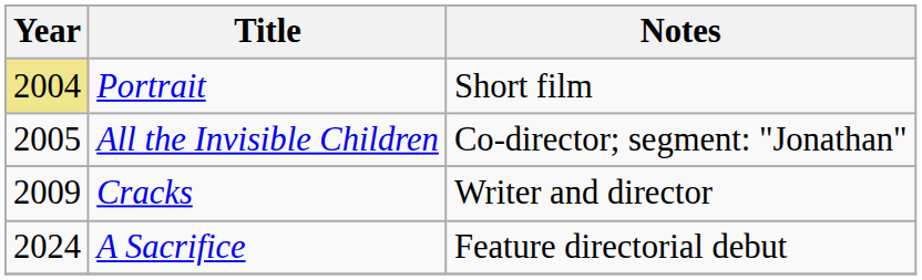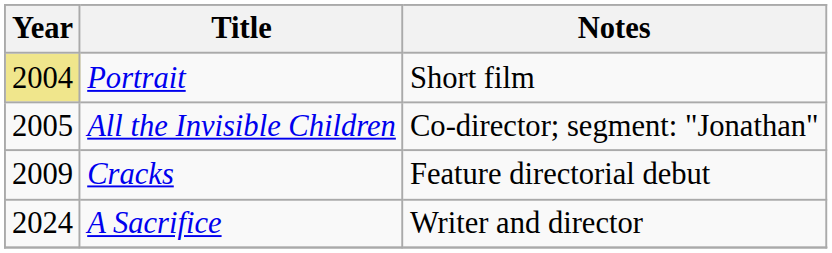 <table class="wikitable">
 <tr>
 <th>Year</th>
 <th>Title</th>
 <th>Notes</th>
 </tr>
 <tr>
 <td style="background: khaki;">2004</td>
 <td><em><a href='#'>Portrait</a></em></td>
 <td>Short film</td>
 </tr>
 <tr>
 <td>2005</td>
 <td><em><a href='#'>All the Invisible Children</a></em></td>
 <td>Co-director; segment: "Jonathan"</td>
 </tr>
 <tr>
 <td>2009</td>
 <td><em><a href='#'>Cracks</a></em></td>
-<td>Writer and director</td>
+<td>Feature directorial debut</td>
 </tr>
 <tr>
 <td>2024</td>
 <td><em><a href='#'>A Sacrifice</a></em></td>
-<td>Feature directorial debut</td>
+<td>Writer and director</td>
 </tr>
 <tr>
 </tr>
 </table>
